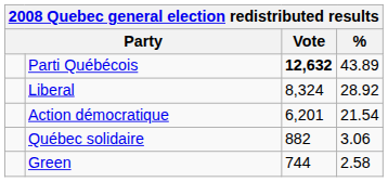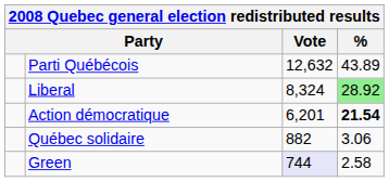 <table class="wikitable">
 <tr>
 <th colspan="4"><a href='#'>2008 Quebec general election</a> redistributed results</th>
 </tr>
 <tr>
 <th bgcolor="#DDDDFF" width="230px" colspan="2">Party</th>
 <th bgcolor="#DDDDFF" width="50px">Vote</th>
 <th bgcolor="#DDDDFF" width="30px">%</th>
 </tr>
 <tr>
 <td> </td>
 <td><a href='#'>Parti Québécois</a></td>
-<td><strong>12,632</strong></td>
+<td>12,632</td>
 <td>43.89</td>
 </tr>
 <tr>
 <td> </td>
 <td><a href='#'>Liberal</a></td>
 <td>8,324</td>
-<td>28.92</td>
+<td style="background: lightgreen;">28.92</td>
 </tr>
 <tr>
 <td> </td>
 <td><a href='#'>Action démocratique</a></td>
 <td>6,201</td>
-<td>21.54</td>
+<td><strong>21.54</strong></td>
 </tr>
 <tr>
 <td> </td>
 <td><a href='#'>Québec solidaire</a></td>
 <td>882</td>
 <td>3.06</td>
 </tr>
 <tr>
 <td> </td>
 <td><a href='#'>Green</a></td>
-<td>744</td>
+<td style="background: lavender;">744</td>
 <td>2.58</td>
 </tr>
 </table>
